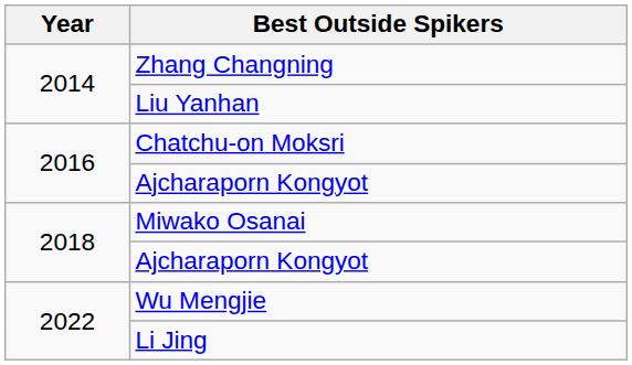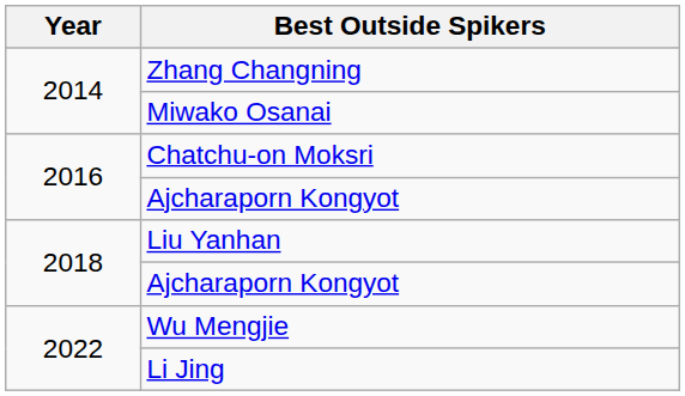 <table class="wikitable" style="width: 400px;">
 <tr>
 <th style="width: 20%;">Year</th>
 <th style="width: 80%;">Best Outside Spikers</th>
 </tr>
 <tr>
 <td align=center rowspan=2>2014</td>
 <td> <a href='#'>Zhang Changning</a></td>
 </tr>
 <tr>
-<td> <a href='#'>Liu Yanhan</a></td>
+<td> <a href='#'>Miwako Osanai</a></td>
 </tr>
 <tr>
 <td align=center rowspan=2>2016</td>
 <td> <a href='#'>Chatchu-on Moksri</a></td>
 </tr>
 <tr>
 <td> <a href='#'>Ajcharaporn Kongyot</a></td>
 </tr>
 <tr>
 <td align=center rowspan=2>2018</td>
-<td> <a href='#'>Miwako Osanai</a></td>
+<td> <a href='#'>Liu Yanhan</a></td>
 </tr>
 <tr>
 <td> <a href='#'>Ajcharaporn Kongyot</a></td>
 </tr>
 <tr>
 <td align=center rowspan=2>2022</td>
 <td> <a href='#'>Wu Mengjie</a></td>
 </tr>
 <tr>
 <td> <a href='#'>Li Jing</a></td>
 </tr>
 </table>
